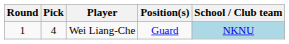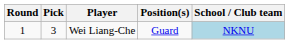 <table class="wikitable sortable sortable">
 <tr>
 <th>Round</th>
 <th>Pick</th>
 <th>Player</th>
 <th>Position(s)</th>
 <th>School / Club team</th>
 </tr>
 <tr style="text-align: center">
 <td>1</td>
-<td>4</td>
+<td>3</td>
 <td>Wei Liang-Che</td>
 <td><a href='#'>Guard</a></td>
 <td style="background: lightblue;"><a href='#'>NKNU</a></td>
 </tr>
 </table>
